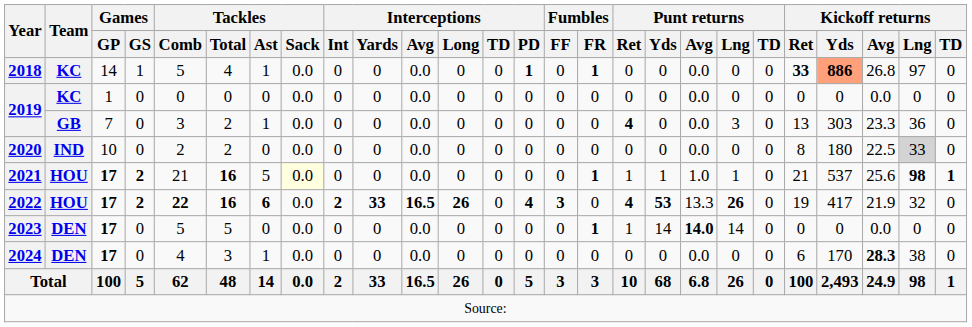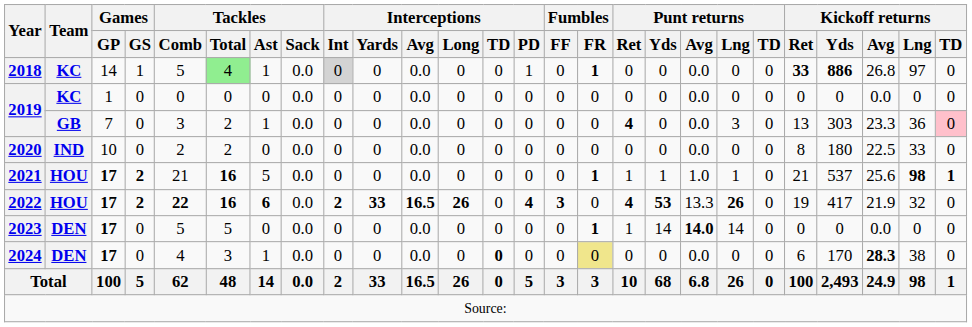 <table class="wikitable" style="text-align: center;">
 <tr>
 <th rowspan="2">Year</th>
 <th rowspan="2">Team</th>
 <th colspan="2">Games</th>
 <th colspan="4">Tackles</th>
 <th colspan="6">Interceptions</th>
 <th colspan="2">Fumbles</th>
 <th colspan="5">Punt returns</th>
 <th colspan="5">Kickoff returns</th>
 </tr>
 <tr>
 <th>GP</th>
 <th>GS</th>
 <th>Comb</th>
 <th>Total</th>
 <th>Ast</th>
 <th>Sack</th>
 <th>Int</th>
 <th>Yards</th>
 <th>Avg</th>
 <th>Long</th>
 <th>TD</th>
 <th>PD</th>
 <th>FF</th>
 <th>FR</th>
 <th>Ret</th>
 <th>Yds</th>
 <th>Avg</th>
 <th>Lng</th>
 <th>TD</th>
 <th>Ret</th>
 <th>Yds</th>
 <th>Avg</th>
 <th>Lng</th>
 <th>TD</th>
 </tr>
 <tr>
 <th><a href='#'>2018</a></th>
 <th><a href='#'>KC</a></th>
 <td>14</td>
 <td>1</td>
 <td>5</td>
-<td>4</td>
+<td style="background: lightgreen;">4</td>
 <td>1</td>
 <td>0.0</td>
-<td>0</td>
+<td style="background: lightgrey;">0</td>
 <td>0</td>
 <td>0.0</td>
 <td>0</td>
 <td>0</td>
-<td><strong>1</strong></td>
+<td>1</td>
 <td>0</td>
 <td><strong>1</strong></td>
 <td>0</td>
 <td>0</td>
 <td>0.0</td>
 <td>0</td>
 <td>0</td>
 <td><strong>33</strong></td>
-<td style="background: lightsalmon;"><strong>886</strong></td>
+<td><strong>886</strong></td>
 <td>26.8</td>
 <td>97</td>
 <td>0</td>
 </tr>
 <tr>
 <th rowspan=2><a href='#'>2019</a></th>
 <th><a href='#'>KC</a></th>
 <td>1</td>
 <td>0</td>
 <td>0</td>
 <td>0</td>
 <td>0</td>
 <td>0.0</td>
 <td>0</td>
 <td>0</td>
 <td>0.0</td>
 <td>0</td>
 <td>0</td>
 <td>0</td>
 <td>0</td>
 <td>0</td>
 <td>0</td>
 <td>0</td>
 <td>0.0</td>
 <td>0</td>
 <td>0</td>
 <td>0</td>
 <td>0</td>
 <td>0.0</td>
 <td>0</td>
 <td>0</td>
 </tr>
 <tr>
 <th><a href='#'>GB</a></th>
 <td>7</td>
 <td>0</td>
 <td>3</td>
 <td>2</td>
 <td>1</td>
 <td>0.0</td>
 <td>0</td>
 <td>0</td>
 <td>0.0</td>
 <td>0</td>
 <td>0</td>
 <td>0</td>
 <td>0</td>
 <td>0</td>
 <td><strong>4</strong></td>
 <td>0</td>
 <td>0.0</td>
 <td>3</td>
 <td>0</td>
 <td>13</td>
 <td>303</td>
 <td>23.3</td>
 <td>36</td>
-<td>0</td>
+<td style="background: pink;">0</td>
 </tr>
 <tr>
 <th><a href='#'>2020</a></th>
 <th><a href='#'>IND</a></th>
 <td>10</td>
 <td>0</td>
 <td>2</td>
 <td>2</td>
 <td>0</td>
 <td>0.0</td>
 <td>0</td>
 <td>0</td>
 <td>0.0</td>
 <td>0</td>
 <td>0</td>
 <td>0</td>
 <td>0</td>
 <td>0</td>
 <td>0</td>
 <td>0</td>
 <td>0.0</td>
 <td>0</td>
 <td>0</td>
 <td>8</td>
 <td>180</td>
 <td>22.5</td>
-<td style="background: lightgrey;">33</td>
+<td>33</td>
 <td>0</td>
 </tr>
 <tr>
 <th><a href='#'>2021</a></th>
 <th><a href='#'>HOU</a></th>
 <td><strong>17</strong></td>
 <td><strong>2</strong></td>
 <td>21</td>
 <td><strong>16</strong></td>
 <td>5</td>
-<td style="background: lightyellow;">0.0</td>
+<td>0.0</td>
 <td>0</td>
 <td>0</td>
 <td>0.0</td>
 <td>0</td>
 <td>0</td>
 <td>0</td>
 <td>0</td>
 <td><strong>1</strong></td>
 <td>1</td>
 <td>1</td>
 <td>1.0</td>
 <td>1</td>
 <td>0</td>
 <td>21</td>
 <td>537</td>
 <td>25.6</td>
 <td><strong>98</strong></td>
 <td><strong>1</strong></td>
 </tr>
 <tr>
 <th><a href='#'>2022</a></th>
 <th><a href='#'>HOU</a></th>
 <td><strong>17</strong></td>
 <td><strong>2</strong></td>
 <td><strong>22</strong></td>
 <td><strong>16</strong></td>
 <td><strong>6</strong></td>
 <td>0.0</td>
 <td><strong>2</strong></td>
 <td><strong>33</strong></td>
 <td><strong>16.5</strong></td>
 <td><strong>26</strong></td>
 <td>0</td>
 <td><strong>4</strong></td>
 <td><strong>3</strong></td>
 <td>0</td>
 <td><strong>4</strong></td>
 <td><strong>53</strong></td>
 <td>13.3</td>
 <td><strong>26</strong></td>
 <td>0</td>
 <td>19</td>
 <td>417</td>
 <td>21.9</td>
 <td>32</td>
 <td>0</td>
 </tr>
 <tr>
 <th><a href='#'>2023</a></th>
 <th><a href='#'>DEN</a></th>
 <td><strong>17</strong></td>
 <td>0</td>
 <td>5</td>
 <td>5</td>
 <td>0</td>
 <td>0.0</td>
 <td>0</td>
 <td>0</td>
 <td>0.0</td>
 <td>0</td>
 <td>0</td>
 <td>0</td>
 <td>0</td>
 <td><strong>1</strong></td>
 <td>1</td>
 <td>14</td>
 <td><strong>14.0</strong></td>
 <td>14</td>
 <td>0</td>
 <td>0</td>
 <td>0</td>
 <td>0.0</td>
 <td>0</td>
 <td>0</td>
 </tr>
 <tr>
 <th><a href='#'>2024</a></th>
 <th><a href='#'>DEN</a></th>
 <td><strong>17</strong></td>
 <td>0</td>
 <td>4</td>
 <td>3</td>
 <td>1</td>
 <td>0.0</td>
 <td>0</td>
 <td>0</td>
 <td>0.0</td>
 <td>0</td>
+<td><strong>0</strong></td>
 <td>0</td>
 <td>0</td>
-<td>0</td>
-<td>0</td>
+<td style="background: khaki;">0</td>
 <td>0</td>
 <td>0</td>
 <td>0.0</td>
 <td>0</td>
 <td>0</td>
 <td>6</td>
 <td>170</td>
 <td><strong>28.3</strong></td>
 <td>38</td>
 <td>0</td>
 </tr>
 <tr>
 <th colspan="2">Total</th>
 <th>100</th>
 <th>5</th>
 <th>62</th>
 <th>48</th>
 <th>14</th>
 <th>0.0</th>
 <th>2</th>
 <th>33</th>
 <th>16.5</th>
 <th>26</th>
 <th>0</th>
 <th>5</th>
 <th>3</th>
 <th>3</th>
 <th>10</th>
 <th>68</th>
 <th>6.8</th>
 <th>26</th>
 <th>0</th>
 <th>100</th>
 <th>2,493</th>
 <th>24.9</th>
 <th>98</th>
 <th>1</th>
 </tr>
 <tr>
 <td colspan="26"><small>Source: </small></td>
 </tr>
 </table>
